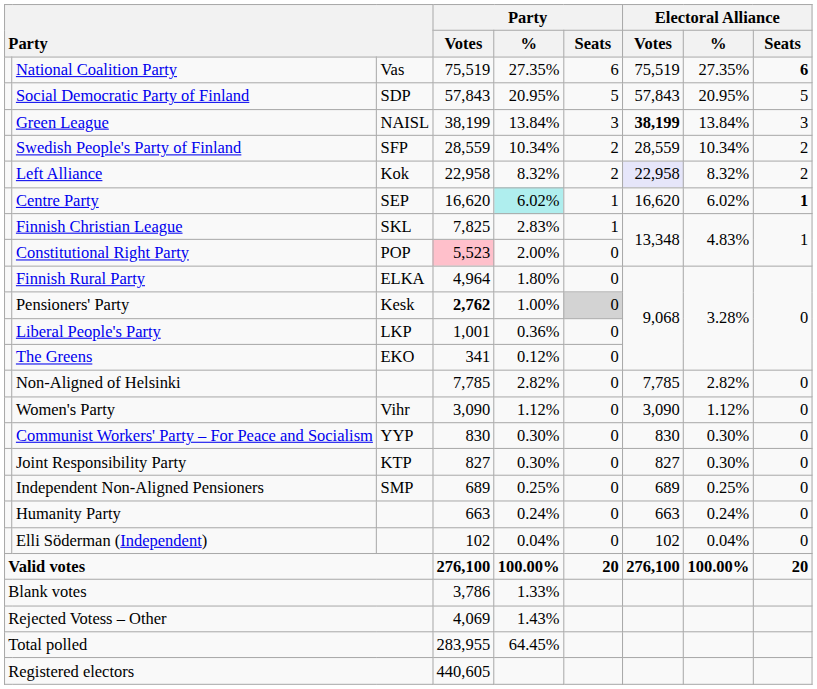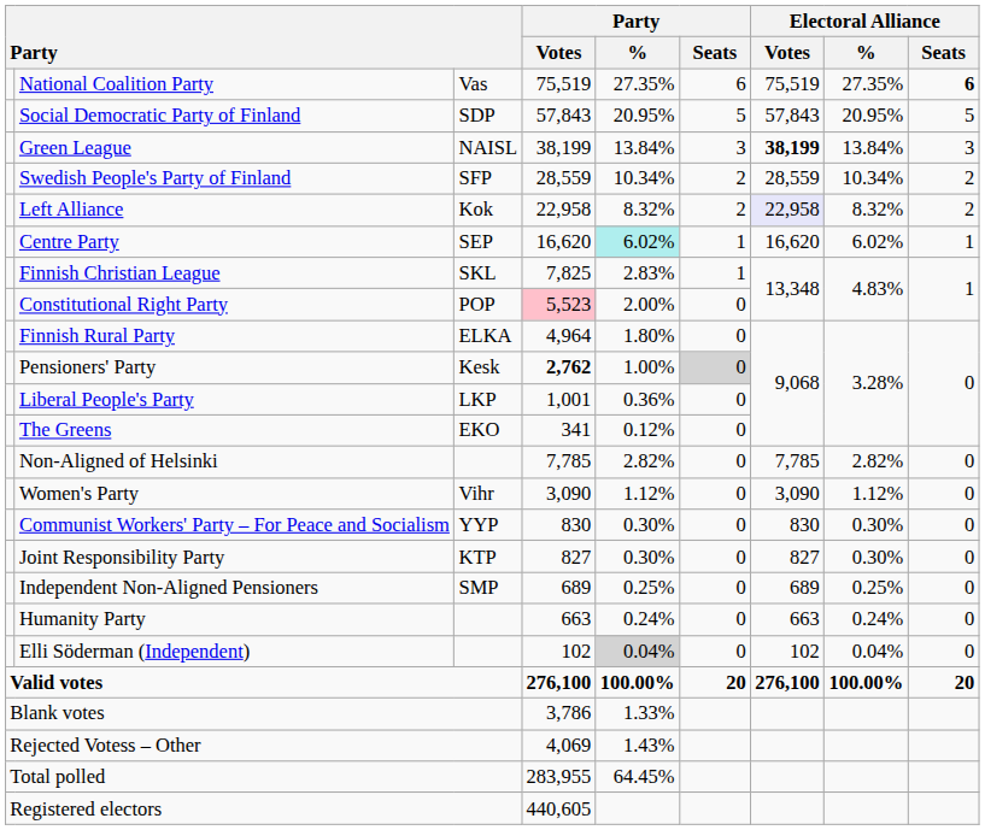 <table class="wikitable" border="1" style="text-align:right;">
 <tr>
 <th style="text-align:left;" valign=bottom rowspan=2 colspan=3>Party</th>
 <th colspan=3>Party</th>
 <th colspan=3>Electoral Alliance</th>
 </tr>
 <tr>
 <th align=center valign=bottom width="50">Votes</th>
 <th align=center valign=bottom width="50">%</th>
 <th align=center valign=bottom width="50">Seats</th>
 <th align=center valign=bottom width="50">Votes</th>
 <th align=center valign=bottom width="50">%</th>
 <th align=center valign=bottom width="50">Seats</th>
 </tr>
 <tr>
 <td></td>
 <td align=left><a href='#'>National Coalition Party</a></td>
 <td align=left>Vas</td>
 <td>75,519</td>
 <td>27.35%</td>
 <td>6</td>
 <td>75,519</td>
 <td>27.35%</td>
 <td><strong>6</strong></td>
 </tr>
 <tr>
 <td></td>
 <td align=left style="white-space: nowrap;"><a href='#'>Social Democratic Party of Finland</a></td>
 <td align=left>SDP</td>
 <td>57,843</td>
 <td>20.95%</td>
 <td>5</td>
 <td>57,843</td>
 <td>20.95%</td>
 <td>5</td>
 </tr>
 <tr>
 <td></td>
 <td align=left><a href='#'>Green League</a></td>
 <td align=left>NAISL</td>
 <td>38,199</td>
 <td>13.84%</td>
 <td>3</td>
 <td><strong>38,199</strong></td>
 <td>13.84%</td>
 <td>3</td>
 </tr>
 <tr>
 <td></td>
 <td align=left><a href='#'>Swedish People's Party of Finland</a></td>
 <td align=left>SFP</td>
 <td>28,559</td>
 <td>10.34%</td>
 <td>2</td>
 <td>28,559</td>
 <td>10.34%</td>
 <td>2</td>
 </tr>
 <tr>
 <td></td>
 <td align=left><a href='#'>Left Alliance</a></td>
 <td align=left>Kok</td>
 <td>22,958</td>
 <td>8.32%</td>
 <td>2</td>
 <td style="background: lavender;">22,958</td>
 <td>8.32%</td>
 <td>2</td>
 </tr>
 <tr>
 <td></td>
 <td align=left><a href='#'>Centre Party</a></td>
 <td align=left>SEP</td>
 <td>16,620</td>
 <td style="background: paleturquoise;">6.02%</td>
 <td>1</td>
 <td>16,620</td>
 <td>6.02%</td>
-<td><strong>1</strong></td>
+<td>1</td>
 </tr>
 <tr>
 <td></td>
 <td align=left><a href='#'>Finnish Christian League</a></td>
 <td align=left>SKL</td>
 <td>7,825</td>
 <td>2.83%</td>
 <td>1</td>
 <td rowspan=2>13,348</td>
 <td rowspan=2>4.83%</td>
 <td rowspan=2>1</td>
 </tr>
 <tr>
 <td></td>
 <td align=left><a href='#'>Constitutional Right Party</a></td>
 <td align=left>POP</td>
 <td style="background: pink;">5,523</td>
 <td>2.00%</td>
 <td>0</td>
 </tr>
 <tr>
 <td></td>
 <td align=left><a href='#'>Finnish Rural Party</a></td>
 <td align=left>ELKA</td>
 <td>4,964</td>
 <td>1.80%</td>
 <td>0</td>
 <td rowspan=4>9,068</td>
 <td rowspan=4>3.28%</td>
 <td rowspan=4>0</td>
 </tr>
 <tr>
 <td></td>
 <td align=left>Pensioners' Party</td>
 <td align=left>Kesk</td>
 <td><strong>2,762</strong></td>
 <td>1.00%</td>
 <td style="background: lightgrey;">0</td>
 </tr>
 <tr>
 <td></td>
 <td align=left><a href='#'>Liberal People's Party</a></td>
 <td align=left>LKP</td>
 <td>1,001</td>
 <td>0.36%</td>
 <td>0</td>
 </tr>
 <tr>
 <td></td>
 <td align=left><a href='#'>The Greens</a></td>
 <td align=left>EKO</td>
 <td>341</td>
 <td>0.12%</td>
 <td>0</td>
 </tr>
 <tr>
 <td></td>
 <td align=left>Non-Aligned of Helsinki</td>
 <td align=left></td>
 <td>7,785</td>
 <td>2.82%</td>
 <td>0</td>
 <td>7,785</td>
 <td>2.82%</td>
 <td>0</td>
 </tr>
 <tr>
 <td></td>
 <td align=left>Women's Party</td>
 <td align=left>Vihr</td>
 <td>3,090</td>
 <td>1.12%</td>
 <td>0</td>
 <td>3,090</td>
 <td>1.12%</td>
 <td>0</td>
 </tr>
 <tr>
 <td></td>
 <td align=left><a href='#'>Communist Workers' Party – For Peace and Socialism</a></td>
 <td align=left>YYP</td>
 <td>830</td>
 <td>0.30%</td>
 <td>0</td>
 <td>830</td>
 <td>0.30%</td>
 <td>0</td>
 </tr>
 <tr>
 <td></td>
 <td align=left>Joint Responsibility Party</td>
 <td align=left>KTP</td>
 <td>827</td>
 <td>0.30%</td>
 <td>0</td>
 <td>827</td>
 <td>0.30%</td>
 <td>0</td>
 </tr>
 <tr>
 <td></td>
 <td align=left>Independent Non-Aligned Pensioners</td>
 <td align=left>SMP</td>
 <td>689</td>
 <td>0.25%</td>
 <td>0</td>
 <td>689</td>
 <td>0.25%</td>
 <td>0</td>
 </tr>
 <tr>
 <td></td>
 <td align=left>Humanity Party</td>
 <td align=left></td>
 <td>663</td>
 <td>0.24%</td>
 <td>0</td>
 <td>663</td>
 <td>0.24%</td>
 <td>0</td>
 </tr>
 <tr>
 <td></td>
 <td align=left>Elli Söderman (<a href='#'>Independent</a>)</td>
 <td align=left></td>
 <td>102</td>
-<td>0.04%</td>
+<td style="background: lightgrey;">0.04%</td>
 <td>0</td>
 <td>102</td>
 <td>0.04%</td>
 <td>0</td>
 </tr>
 <tr style="font-weight:bold">
 <td align=left colspan=3>Valid votes</td>
 <td>276,100</td>
 <td>100.00%</td>
 <td>20</td>
 <td>276,100</td>
 <td>100.00%</td>
 <td>20</td>
 </tr>
 <tr>
 <td align=left colspan=3>Blank votes</td>
 <td>3,786</td>
 <td>1.33%</td>
 <td></td>
 <td></td>
 <td></td>
 <td></td>
 </tr>
 <tr>
 <td align=left colspan=3>Rejected Votess – Other</td>
 <td>4,069</td>
 <td>1.43%</td>
 <td></td>
 <td></td>
 <td></td>
 <td></td>
 </tr>
 <tr>
 <td align=left colspan=3>Total polled</td>
 <td>283,955</td>
 <td>64.45%</td>
 <td></td>
 <td></td>
 <td></td>
 <td></td>
 </tr>
 <tr>
 <td align=left colspan=3>Registered electors</td>
 <td>440,605</td>
 <td></td>
 <td></td>
 <td></td>
 <td></td>
 <td></td>
 </tr>
 </table>
